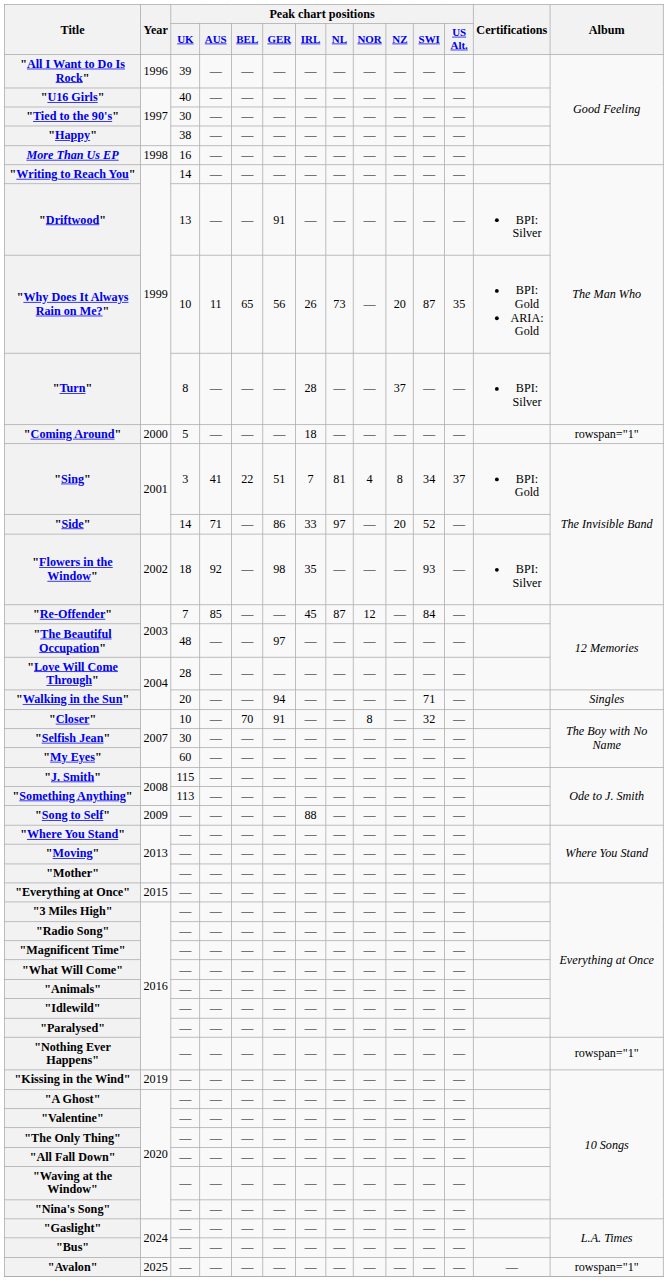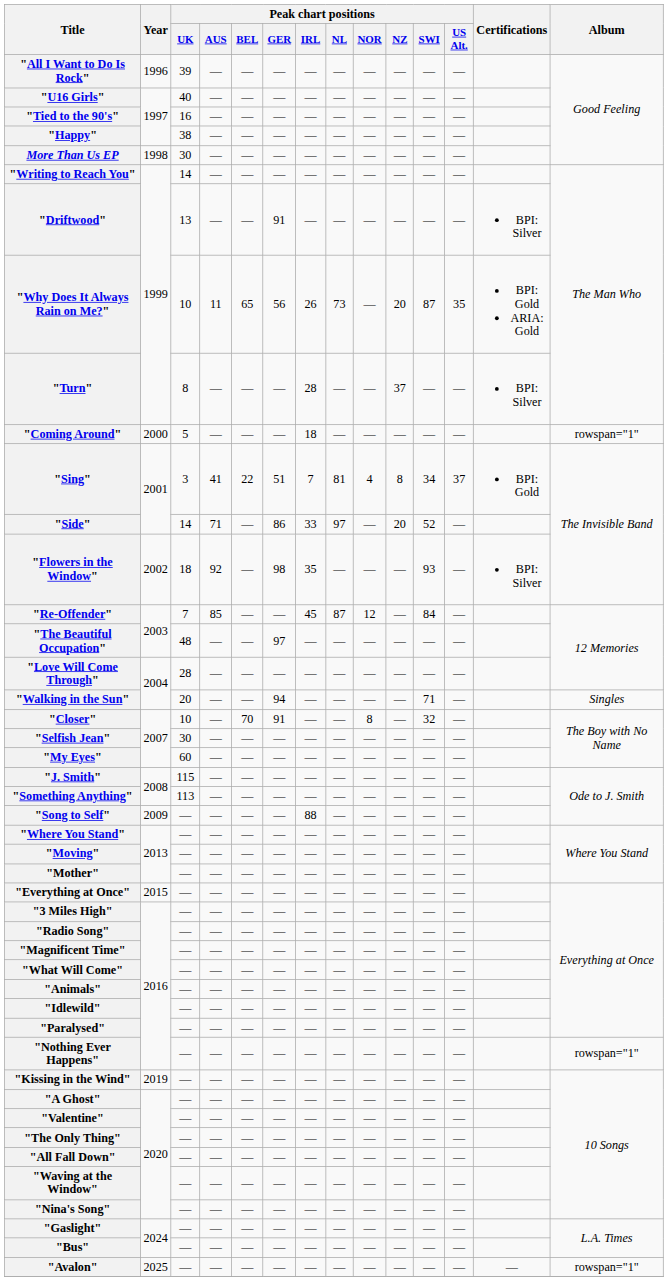 <table class="wikitable plainrowheaders" style="text-align:center;">
 <tr>
 <th scope="col" rowspan="2" style="width:18em;">Title</th>
 <th scope="col" rowspan="2">Year</th>
 <th scope="col" colspan="10">Peak chart positions</th>
 <th rowspan="2">Certifications</th>
 <th scope="col" rowspan="2" style="width:14em;">Album</th>
 </tr>
 <tr>
 <th scope="col" style="width:3em; font-size:90%;"><a href='#'>UK</a><br></th>
 <th scope="col" style="width:3em; font-size:90%;"><a href='#'>AUS</a><br></th>
 <th scope="col" style="width:3em; font-size:90%;"><a href='#'>BEL</a><br></th>
 <th scope="col" style="width:3em; font-size:90%;"><a href='#'>GER</a><br></th>
 <th scope="col" style="width:3em; font-size:90%;"><a href='#'>IRL</a><br></th>
 <th scope="col" style="width:3em; font-size:90%;"><a href='#'>NL</a><br></th>
 <th scope="col" style="width:3em; font-size:90%;"><a href='#'>NOR</a><br></th>
 <th scope="col" style="width:3em; font-size:90%;"><a href='#'>NZ</a><br></th>
 <th scope="col" style="width:3em; font-size:90%;"><a href='#'>SWI</a><br></th>
 <th scope="col" style="width:3em; font-size:90%;"><a href='#'>US<br>Alt.</a><br></th>
 </tr>
 <tr>
 <th scope="row">"<a href='#'>All I Want to Do Is Rock</a>"</th>
 <td>1996</td>
 <td>39</td>
 <td>—</td>
 <td>—</td>
 <td>—</td>
 <td>—</td>
 <td>—</td>
 <td>—</td>
 <td>—</td>
 <td>—</td>
 <td>—</td>
 <td></td>
 <td rowspan="5"><em>Good Feeling</em></td>
 </tr>
 <tr>
 <th scope="row">"<a href='#'>U16 Girls</a>"</th>
 <td rowspan="3">1997</td>
 <td>40</td>
 <td>—</td>
 <td>—</td>
 <td>—</td>
 <td>—</td>
 <td>—</td>
 <td>—</td>
 <td>—</td>
 <td>—</td>
 <td>—</td>
 <td></td>
 </tr>
 <tr>
 <th scope="row">"<a href='#'>Tied to the 90's</a>"</th>
-<td>30</td>
+<td>16</td>
 <td>—</td>
 <td>—</td>
 <td>—</td>
 <td>—</td>
 <td>—</td>
 <td>—</td>
 <td>—</td>
 <td>—</td>
 <td>—</td>
 <td></td>
 </tr>
 <tr>
 <th scope="row">"<a href='#'>Happy</a>"</th>
 <td>38</td>
 <td>—</td>
 <td>—</td>
 <td>—</td>
 <td>—</td>
 <td>—</td>
 <td>—</td>
 <td>—</td>
 <td>—</td>
 <td>—</td>
 <td></td>
 </tr>
 <tr>
 <th scope="row"><em><a href='#'>More Than Us EP</a></em></th>
 <td>1998</td>
-<td>16</td>
+<td>30</td>
 <td>—</td>
 <td>—</td>
 <td>—</td>
 <td>—</td>
 <td>—</td>
 <td>—</td>
 <td>—</td>
 <td>—</td>
 <td>—</td>
 <td></td>
 </tr>
 <tr>
 <th scope="row">"<a href='#'>Writing to Reach You</a>"</th>
 <td rowspan="4">1999</td>
 <td>14</td>
 <td>—</td>
 <td>—</td>
 <td>—</td>
 <td>—</td>
 <td>—</td>
 <td>—</td>
 <td>—</td>
 <td>—</td>
 <td>—</td>
 <td></td>
 <td rowspan="4"><em>The Man Who</em></td>
 </tr>
 <tr>
 <th scope="row">"<a href='#'>Driftwood</a>"</th>
 <td>13</td>
 <td>—</td>
 <td>—</td>
 <td>91</td>
 <td>—</td>
 <td>—</td>
 <td>—</td>
 <td>—</td>
 <td>—</td>
 <td>—</td>
 <td><br><ul><li>BPI: Silver</li></ul></td>
 </tr>
 <tr>
 <th scope="row">"<a href='#'>Why Does It Always Rain on Me?</a>"</th>
 <td>10</td>
 <td>11</td>
 <td>65</td>
 <td>56</td>
 <td>26</td>
 <td>73</td>
 <td>—</td>
 <td>20</td>
 <td>87</td>
 <td>35</td>
 <td><br><ul><li>BPI: Gold</li><li>ARIA: Gold</li></ul></td>
 </tr>
 <tr>
 <th scope="row">"<a href='#'>Turn</a>"</th>
 <td>8</td>
 <td>—</td>
 <td>—</td>
 <td>—</td>
 <td>28</td>
 <td>—</td>
 <td>—</td>
 <td>37</td>
 <td>—</td>
 <td>—</td>
 <td><br><ul><li>BPI: Silver</li></ul></td>
 </tr>
 <tr>
 <th scope="row">"<a href='#'>Coming Around</a>"</th>
 <td>2000</td>
 <td>5</td>
 <td>—</td>
 <td>—</td>
 <td>—</td>
 <td>18</td>
 <td>—</td>
 <td>—</td>
 <td>—</td>
 <td>—</td>
 <td>—</td>
 <td></td>
 <td>rowspan="1" </td>
 </tr>
 <tr>
 <th scope="row">"<a href='#'>Sing</a>"</th>
 <td rowspan="2">2001</td>
 <td>3</td>
 <td>41</td>
 <td>22</td>
 <td>51</td>
 <td>7</td>
 <td>81</td>
 <td>4</td>
 <td>8</td>
 <td>34</td>
 <td>37</td>
 <td><br><ul><li>BPI: Gold</li></ul></td>
 <td rowspan="3"><em>The Invisible Band</em></td>
 </tr>
 <tr>
 <th scope="row">"<a href='#'>Side</a>"</th>
 <td>14</td>
 <td>71</td>
 <td>—</td>
 <td>86</td>
 <td>33</td>
 <td>97</td>
 <td>—</td>
 <td>20</td>
 <td>52</td>
 <td>—</td>
 <td></td>
 </tr>
 <tr>
 <th scope="row">"<a href='#'>Flowers in the Window</a>"</th>
 <td>2002</td>
 <td>18</td>
 <td>92</td>
 <td>—</td>
 <td>98</td>
 <td>35</td>
 <td>—</td>
 <td>—</td>
 <td>—</td>
 <td>93</td>
 <td>—</td>
 <td><br><ul><li>BPI: Silver</li></ul></td>
 </tr>
 <tr>
 <th scope="row">"<a href='#'>Re-Offender</a>"</th>
 <td rowspan="2">2003</td>
 <td>7</td>
 <td>85</td>
 <td>—</td>
 <td>—</td>
 <td>45</td>
 <td>87</td>
 <td>12</td>
 <td>—</td>
 <td>84</td>
 <td>—</td>
 <td></td>
 <td rowspan="3"><em>12 Memories</em></td>
 </tr>
 <tr>
 <th scope="row">"<a href='#'>The Beautiful Occupation</a>"</th>
 <td>48</td>
 <td>—</td>
 <td>—</td>
 <td>97</td>
 <td>—</td>
 <td>—</td>
 <td>—</td>
 <td>—</td>
 <td>—</td>
 <td>—</td>
 <td></td>
 </tr>
 <tr>
 <th scope="row">"<a href='#'>Love Will Come Through</a>"</th>
 <td rowspan="2">2004</td>
 <td>28</td>
 <td>—</td>
 <td>—</td>
 <td>—</td>
 <td>—</td>
 <td>—</td>
 <td>—</td>
 <td>—</td>
 <td>—</td>
 <td>—</td>
 <td></td>
 </tr>
 <tr>
 <th scope="row">"<a href='#'>Walking in the Sun</a>"</th>
 <td>20</td>
 <td>—</td>
 <td>—</td>
 <td>94</td>
 <td>—</td>
 <td>—</td>
 <td>—</td>
 <td>—</td>
 <td>71</td>
 <td>—</td>
 <td></td>
 <td><em>Singles</em></td>
 </tr>
 <tr>
 <th scope="row">"<a href='#'>Closer</a>"</th>
 <td rowspan="3">2007</td>
 <td>10</td>
 <td>—</td>
 <td>70</td>
 <td>91</td>
 <td>—</td>
 <td>—</td>
 <td>8</td>
 <td>—</td>
 <td>32</td>
 <td>—</td>
 <td></td>
 <td rowspan="3"><em>The Boy with No Name</em></td>
 </tr>
 <tr>
 <th scope="row">"<a href='#'>Selfish Jean</a>"</th>
 <td>30</td>
 <td>—</td>
 <td>—</td>
 <td>—</td>
 <td>—</td>
 <td>—</td>
 <td>—</td>
 <td>—</td>
 <td>—</td>
 <td>—</td>
 <td></td>
 </tr>
 <tr>
 <th scope="row">"<a href='#'>My Eyes</a>"</th>
 <td>60</td>
 <td>—</td>
 <td>—</td>
 <td>—</td>
 <td>—</td>
 <td>—</td>
 <td>—</td>
 <td>—</td>
 <td>—</td>
 <td>—</td>
 <td></td>
 </tr>
 <tr>
 <th scope="row">"<a href='#'>J. Smith</a>"</th>
 <td rowspan="2">2008</td>
 <td>115</td>
 <td>—</td>
 <td>—</td>
 <td>—</td>
 <td>—</td>
 <td>—</td>
 <td>—</td>
 <td>—</td>
 <td>—</td>
 <td>—</td>
 <td></td>
 <td rowspan="3"><em>Ode to J. Smith</em></td>
 </tr>
 <tr>
 <th scope="row">"<a href='#'>Something Anything</a>"</th>
 <td>113</td>
 <td>—</td>
 <td>—</td>
 <td>—</td>
 <td>—</td>
 <td>—</td>
 <td>—</td>
 <td>—</td>
 <td>—</td>
 <td>—</td>
 <td></td>
 </tr>
 <tr>
 <th scope="row">"<a href='#'>Song to Self</a>"</th>
 <td>2009</td>
 <td>—</td>
 <td>—</td>
 <td>—</td>
 <td>—</td>
 <td>88</td>
 <td>—</td>
 <td>—</td>
 <td>—</td>
 <td>—</td>
 <td>—</td>
 <td></td>
 </tr>
 <tr>
 <th scope="row">"<a href='#'>Where You Stand</a>"</th>
 <td rowspan="3">2013</td>
 <td>—</td>
 <td>—</td>
 <td>—</td>
 <td>—</td>
 <td>—</td>
 <td>—</td>
 <td>—</td>
 <td>—</td>
 <td>—</td>
 <td>—</td>
 <td></td>
 <td rowspan="3"><em>Where You Stand</em></td>
 </tr>
 <tr>
 <th scope="row">"<a href='#'>Moving</a>"</th>
 <td>—</td>
 <td>—</td>
 <td>—</td>
 <td>—</td>
 <td>—</td>
 <td>—</td>
 <td>—</td>
 <td>—</td>
 <td>—</td>
 <td>—</td>
 <td></td>
 </tr>
 <tr>
 <th scope="row">"Mother"</th>
 <td>—</td>
 <td>—</td>
 <td>—</td>
 <td>—</td>
 <td>—</td>
 <td>—</td>
 <td>—</td>
 <td>—</td>
 <td>—</td>
 <td>—</td>
 <td></td>
 </tr>
 <tr>
 <th scope="row">"Everything at Once"</th>
 <td>2015</td>
 <td>—</td>
 <td>—</td>
 <td>—</td>
 <td>—</td>
 <td>—</td>
 <td>—</td>
 <td>—</td>
 <td>—</td>
 <td>—</td>
 <td>—</td>
 <td></td>
 <td rowspan="8"><em>Everything at Once</em></td>
 </tr>
 <tr>
 <th scope="row">"3 Miles High"</th>
 <td rowspan="8">2016</td>
 <td>—</td>
 <td>—</td>
 <td>—</td>
 <td>—</td>
 <td>—</td>
 <td>—</td>
 <td>—</td>
 <td>—</td>
 <td>—</td>
 <td>—</td>
 <td></td>
 </tr>
 <tr>
 <th scope="row">"Radio Song"</th>
 <td>—</td>
 <td>—</td>
 <td>—</td>
 <td>—</td>
 <td>—</td>
 <td>—</td>
 <td>—</td>
 <td>—</td>
 <td>—</td>
 <td>—</td>
 <td></td>
 </tr>
 <tr>
 <th scope="row">"Magnificent Time"</th>
 <td>—</td>
 <td>—</td>
 <td>—</td>
 <td>—</td>
 <td>—</td>
 <td>—</td>
 <td>—</td>
 <td>—</td>
 <td>—</td>
 <td>—</td>
 <td></td>
 </tr>
 <tr>
 <th scope="row">"What Will Come"</th>
 <td>—</td>
 <td>—</td>
 <td>—</td>
 <td>—</td>
 <td>—</td>
 <td>—</td>
 <td>—</td>
 <td>—</td>
 <td>—</td>
 <td>—</td>
 <td></td>
 </tr>
 <tr>
 <th scope="row">"Animals"</th>
 <td>—</td>
 <td>—</td>
 <td>—</td>
 <td>—</td>
 <td>—</td>
 <td>—</td>
 <td>—</td>
 <td>—</td>
 <td>—</td>
 <td>—</td>
 <td></td>
 </tr>
 <tr>
 <th scope="row">"Idlewild"</th>
 <td>—</td>
 <td>—</td>
 <td>—</td>
 <td>—</td>
 <td>—</td>
 <td>—</td>
 <td>—</td>
 <td>—</td>
 <td>—</td>
 <td>—</td>
 <td></td>
 </tr>
 <tr>
 <th scope="row">"Paralysed"</th>
 <td>—</td>
 <td>—</td>
 <td>—</td>
 <td>—</td>
 <td>—</td>
 <td>—</td>
 <td>—</td>
 <td>—</td>
 <td>—</td>
 <td>—</td>
 <td></td>
 </tr>
 <tr>
 <th scope="row">"Nothing Ever Happens"</th>
 <td>—</td>
 <td>—</td>
 <td>—</td>
 <td>—</td>
 <td>—</td>
 <td>—</td>
 <td>—</td>
 <td>—</td>
 <td>—</td>
 <td>—</td>
 <td></td>
 <td>rowspan="1" </td>
 </tr>
 <tr>
 <th scope="row">"Kissing in the Wind"</th>
 <td rowspan="1">2019</td>
 <td>—</td>
 <td>—</td>
 <td>—</td>
 <td>—</td>
 <td>—</td>
 <td>—</td>
 <td>—</td>
 <td>—</td>
 <td>—</td>
 <td>—</td>
 <td></td>
 <td rowspan="7"><em>10 Songs</em></td>
 </tr>
 <tr>
 <th scope= "row">"A Ghost"</th>
 <td rowspan="6">2020</td>
 <td>—</td>
 <td>—</td>
 <td>—</td>
 <td>—</td>
 <td>—</td>
 <td>—</td>
 <td>—</td>
 <td>—</td>
 <td>—</td>
 <td>—</td>
 <td></td>
 </tr>
 <tr>
 <th scope= "row">"Valentine"</th>
 <td>—</td>
 <td>—</td>
 <td>—</td>
 <td>—</td>
 <td>—</td>
 <td>—</td>
 <td>—</td>
 <td>—</td>
 <td>—</td>
 <td>—</td>
 <td></td>
 </tr>
 <tr>
 <th scope= "row">"The Only Thing"</th>
 <td>—</td>
 <td>—</td>
 <td>—</td>
 <td>—</td>
 <td>—</td>
 <td>—</td>
 <td>—</td>
 <td>—</td>
 <td>—</td>
 <td>—</td>
 <td></td>
 </tr>
 <tr>
 <th scope= "row">"All Fall Down"</th>
 <td>—</td>
 <td>—</td>
 <td>—</td>
 <td>—</td>
 <td>—</td>
 <td>—</td>
 <td>—</td>
 <td>—</td>
 <td>—</td>
 <td>—</td>
 <td></td>
 </tr>
 <tr>
 <th scope= "row">"Waving at the Window"</th>
 <td>—</td>
 <td>—</td>
 <td>—</td>
 <td>—</td>
 <td>—</td>
 <td>—</td>
 <td>—</td>
 <td>—</td>
 <td>—</td>
 <td>—</td>
 <td></td>
 </tr>
 <tr>
 <th scope= "row">"Nina's Song"</th>
 <td>—</td>
 <td>—</td>
 <td>—</td>
 <td>—</td>
 <td>—</td>
 <td>—</td>
 <td>—</td>
 <td>—</td>
 <td>—</td>
 <td>—</td>
 <td></td>
 </tr>
 <tr>
 <th scope= "row">"Gaslight"</th>
 <td rowspan="2">2024</td>
 <td>—</td>
 <td>—</td>
 <td>—</td>
 <td>—</td>
 <td>—</td>
 <td>—</td>
 <td>—</td>
 <td>—</td>
 <td>—</td>
 <td>—</td>
 <td></td>
 <td rowspan="2"><em>L.A. Times</em></td>
 </tr>
 <tr>
 <th scope= "row">"Bus"</th>
 <td>—</td>
 <td>—</td>
 <td>—</td>
 <td>—</td>
 <td>—</td>
 <td>—</td>
 <td>—</td>
 <td>—</td>
 <td>—</td>
 <td>—</td>
 <td></td>
 </tr>
 <tr>
 <th scope="row">"Avalon"</th>
 <td rowspan="1">2025</td>
 <td>—</td>
 <td>—</td>
 <td>—</td>
 <td>—</td>
 <td>—</td>
 <td>—</td>
 <td>—</td>
 <td>—</td>
 <td>—</td>
 <td>—</td>
 <td>—</td>
 <td>rowspan="1" </td>
 </tr>
 <tr>
 </tr>
 </table>
